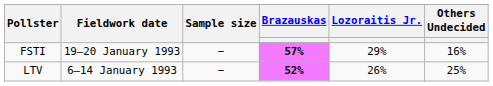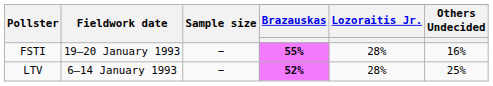 <table class="wikitable" style="text-align:center; font-size:95%; line-height:16px;">
 <tr>
 <th rowspan="3">Pollster</th>
 <th rowspan="3">Fieldwork date</th>
 <th rowspan="3">Sample size</th>
 </tr>
 <tr>
 <th><a href='#'>Brazauskas</a><br></th>
 <th><a href='#'>Lozoraitis Jr.</a><br></th>
 <th>Others<br>Undecided</th>
 </tr>
 <tr>
 <th style="background:"></th>
 <th style="background:"></th>
 <th style="background:"></th>
 </tr>
 <tr>
 <td>FSTI</td>
 <td>19–20 January 1993</td>
 <td>−</td>
-<td style="background:#f379ff;"><strong>57%</strong></td>
-<td>29%</td>
+<td style="background:#f379ff;"><strong>55%</strong></td>
+<td>28%</td>
 <td>16%</td>
 </tr>
 <tr>
 <td>LTV</td>
 <td>6–14 January 1993</td>
 <td>−</td>
 <td style="background:#f379ff;"><strong>52%</strong></td>
-<td>26%</td>
+<td>28%</td>
 <td>25%</td>
 </tr>
 </table>
